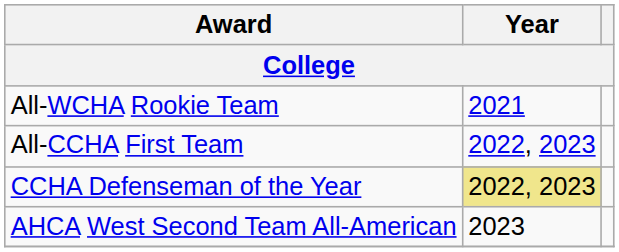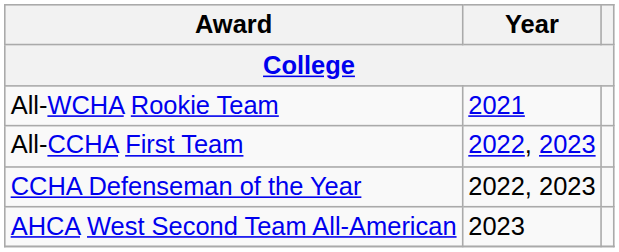 <table class="wikitable">
 <tr>
 <th>Award</th>
 <th>Year</th>
 <th></th>
 </tr>
 <tr>
 <th colspan="3"><a href='#'>College</a></th>
 </tr>
 <tr>
 <td>All-<a href='#'>WCHA</a> <a href='#'>Rookie Team</a></td>
 <td><a href='#'>2021</a></td>
 <td></td>
 </tr>
 <tr>
 <td>All-<a href='#'>CCHA</a> <a href='#'>First Team</a></td>
 <td><a href='#'>2022</a>, <a href='#'>2023</a></td>
 <td></td>
 </tr>
 <tr>
 <td><a href='#'>CCHA Defenseman of the Year</a></td>
-<td style="background: khaki;">2022, 2023</td>
+<td>2022, 2023</td>
 <td></td>
 </tr>
 <tr>
 <td><a href='#'>AHCA</a> <a href='#'>West Second Team All-American</a></td>
 <td>2023</td>
 <td></td>
 </tr>
 <tr>
 </tr>
 </table>
